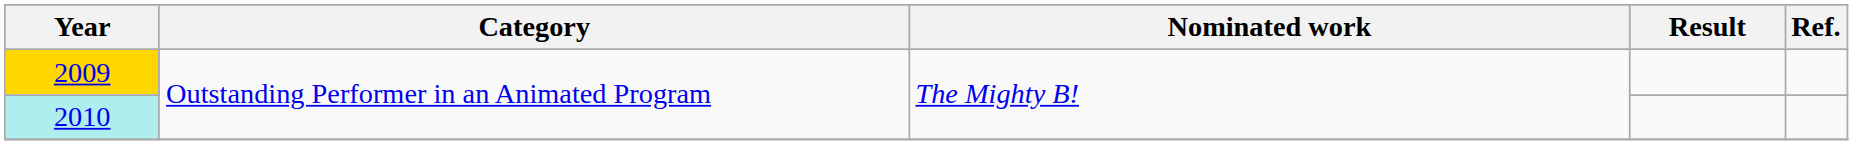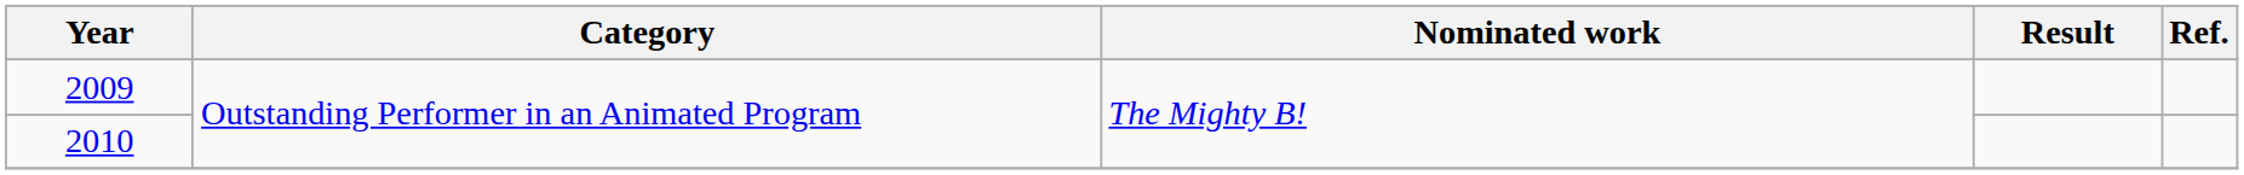 <table class=wikitable>
 <tr>
 <th scope="col" style="width:5em;">Year</th>
 <th scope="col" style="width:26em;">Category</th>
 <th scope="col" style="width:25em;">Nominated work</th>
 <th scope="col" style="width:5em;">Result</th>
 <th>Ref.</th>
 </tr>
 <tr>
-<td style="background: gold; text-align:center;"><a href='#'>2009</a></td>
+<td style="text-align:center;"><a href='#'>2009</a></td>
 <td rowspan=2><a href='#'>Outstanding Performer in an Animated Program</a></td>
 <td rowspan=2><em><a href='#'>The Mighty B!</a></em></td>
 <td></td>
 <td></td>
 </tr>
 <tr>
-<td style="background: paleturquoise; text-align:center;"><a href='#'>2010</a></td>
+<td style="text-align:center;"><a href='#'>2010</a></td>
 <td></td>
 <td></td>
 </tr>
 <tr>
 </tr>
 </table>
